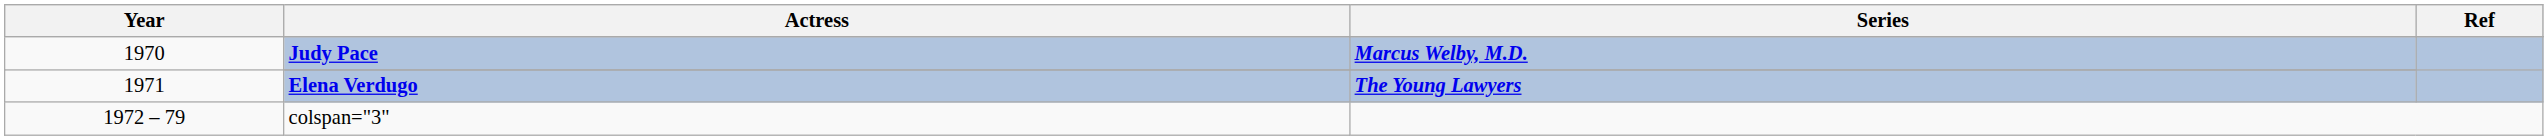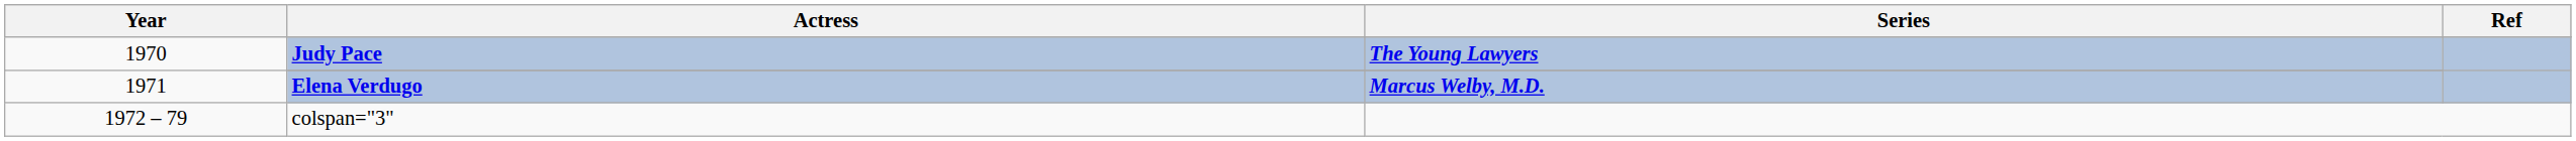 <table class="wikitable" style="width:100%;">
 <tr style="background:#bebebe;">
 <th style="width:11%;">Year</th>
 <th style="width:42%;">Actress</th>
 <th style="width:42%;">Series</th>
 <th style="width:5%;">Ref</th>
 </tr>
 <tr>
 <td rowspan="2" align="center">1970</td>
 </tr>
 <tr style="background:#B0C4DE">
 <td><strong><a href='#'>Judy Pace</a></strong></td>
-<td><strong><em><a href='#'>Marcus Welby, M.D.</a></em></strong></td>
+<td><strong><em><a href='#'>The Young Lawyers</a></em></strong></td>
 <td rowspan="2" align="center"></td>
 </tr>
 <tr>
 <td rowspan="2" align="center">1971</td>
 </tr>
 <tr style="background:#B0C4DE">
 <td><strong><a href='#'>Elena Verdugo</a></strong></td>
-<td><strong><em><a href='#'>The Young Lawyers</a></em></strong></td>
+<td><strong><em><a href='#'>Marcus Welby, M.D.</a></em></strong></td>
 <td align="center"></td>
 </tr>
 <tr>
 <td align="center">1972 – 79</td>
 <td>colspan="3" </td>
 </tr>
 </table>
